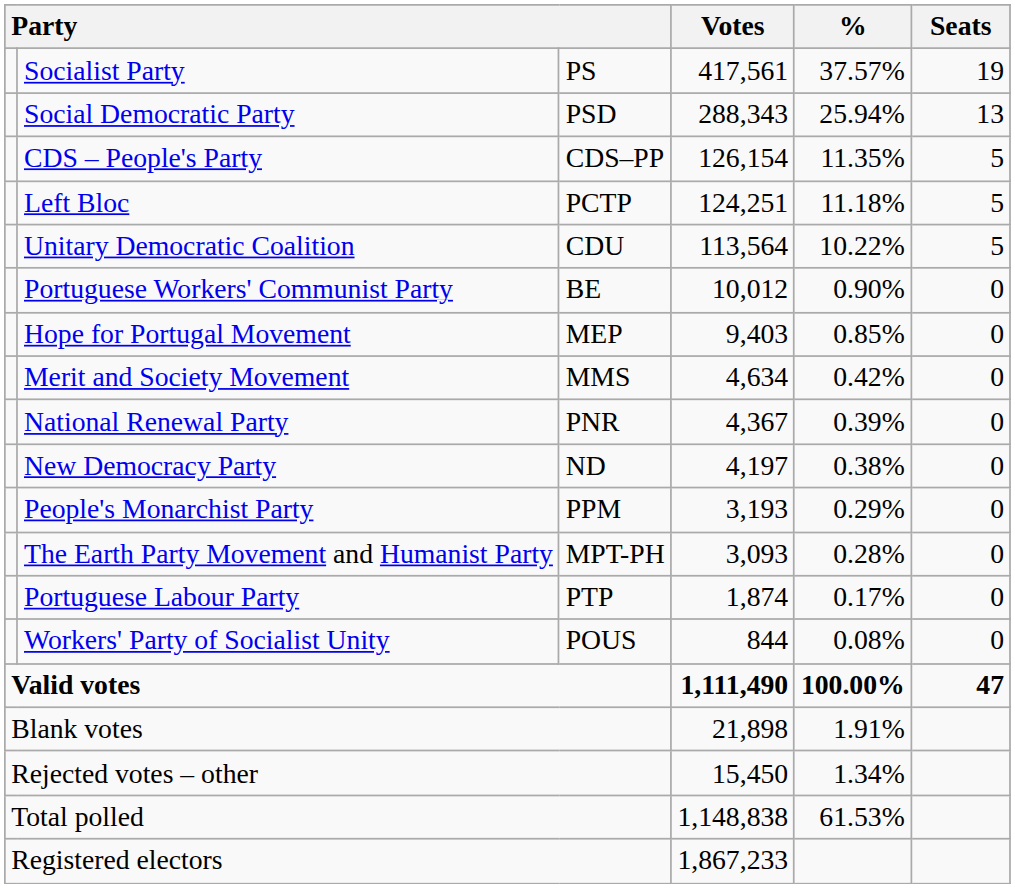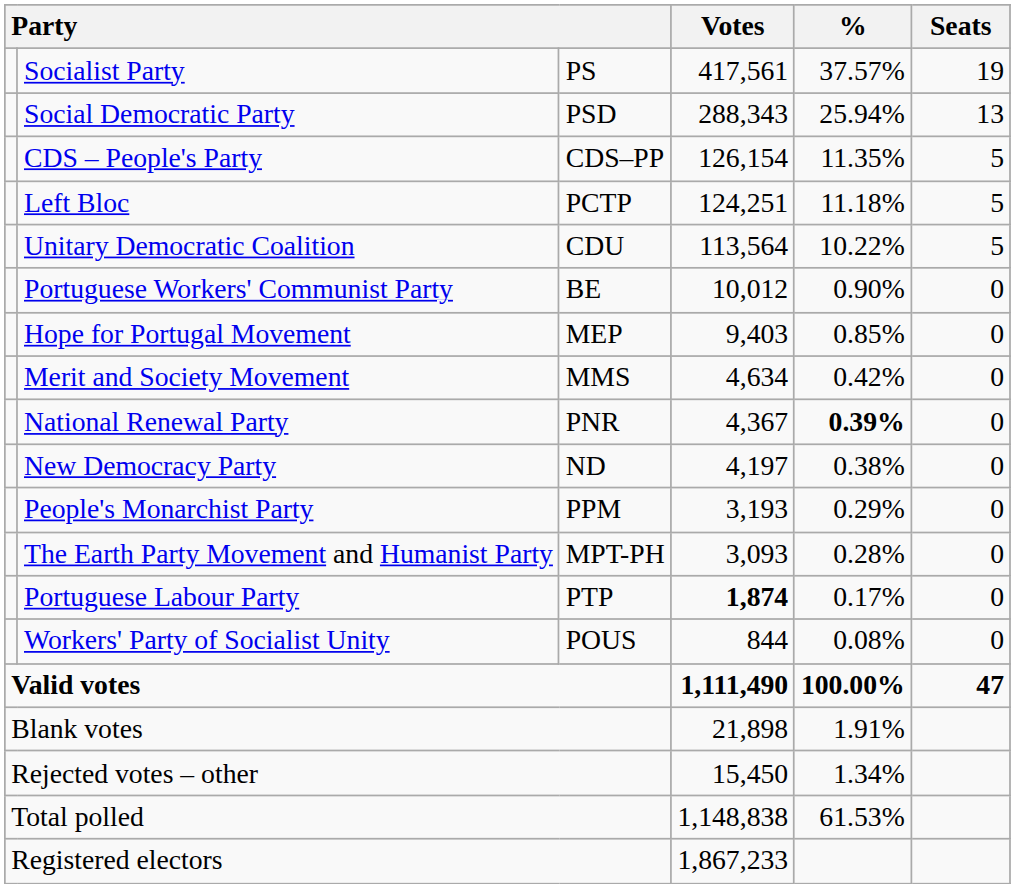 <table class="wikitable" border="1" style="text-align:right;">
 <tr>
 <th style="text-align:left;" colspan=3>Party</th>
 <th align=center width="50">Votes</th>
 <th align=center width="50">%</th>
 <th align=center width="50">Seats</th>
 </tr>
 <tr>
 <td></td>
 <td align=left><a href='#'>Socialist Party</a></td>
 <td align=left>PS</td>
 <td>417,561</td>
 <td>37.57%</td>
 <td>19</td>
 </tr>
 <tr>
 <td></td>
 <td align=left><a href='#'>Social Democratic Party</a></td>
 <td align=left>PSD</td>
 <td>288,343</td>
 <td>25.94%</td>
 <td>13</td>
 </tr>
 <tr>
 <td></td>
 <td align=left><a href='#'>CDS – People's Party</a></td>
 <td align=left style="white-space: nowrap;">CDS–PP</td>
 <td>126,154</td>
 <td>11.35%</td>
 <td>5</td>
 </tr>
 <tr>
 <td></td>
 <td align=left><a href='#'>Left Bloc</a></td>
 <td align=left>PCTP</td>
 <td>124,251</td>
 <td>11.18%</td>
 <td>5</td>
 </tr>
 <tr>
 <td></td>
 <td align=left style="white-space: nowrap;"><a href='#'>Unitary Democratic Coalition</a></td>
 <td align=left>CDU</td>
 <td>113,564</td>
 <td>10.22%</td>
 <td>5</td>
 </tr>
 <tr>
 <td></td>
 <td align=left><a href='#'>Portuguese Workers' Communist Party</a></td>
 <td align=left>BE</td>
 <td>10,012</td>
 <td>0.90%</td>
 <td>0</td>
 </tr>
 <tr>
 <td></td>
 <td align=left><a href='#'>Hope for Portugal Movement</a></td>
 <td align=left>MEP</td>
 <td>9,403</td>
 <td>0.85%</td>
 <td>0</td>
 </tr>
 <tr>
 <td></td>
 <td align=left><a href='#'>Merit and Society Movement</a></td>
 <td align=left>MMS</td>
 <td>4,634</td>
 <td>0.42%</td>
 <td>0</td>
 </tr>
 <tr>
 <td></td>
 <td align=left><a href='#'>National Renewal Party</a></td>
 <td align=left>PNR</td>
 <td>4,367</td>
-<td>0.39%</td>
+<td><strong>0.39%</strong></td>
 <td>0</td>
 </tr>
 <tr>
 <td></td>
 <td align=left><a href='#'>New Democracy Party</a></td>
 <td align=left>ND</td>
 <td>4,197</td>
 <td>0.38%</td>
 <td>0</td>
 </tr>
 <tr>
 <td></td>
 <td align=left><a href='#'>People's Monarchist Party</a></td>
 <td align=left>PPM</td>
 <td>3,193</td>
 <td>0.29%</td>
 <td>0</td>
 </tr>
 <tr>
 <td></td>
 <td align=left><a href='#'>The Earth Party Movement</a> and <a href='#'>Humanist Party</a></td>
 <td align=left>MPT-PH</td>
 <td>3,093</td>
 <td>0.28%</td>
 <td>0</td>
 </tr>
 <tr>
 <td></td>
 <td align=left><a href='#'>Portuguese Labour Party</a></td>
 <td align=left>PTP</td>
-<td>1,874</td>
+<td><strong>1,874</strong></td>
 <td>0.17%</td>
 <td>0</td>
 </tr>
 <tr>
 <td></td>
 <td align=left><a href='#'>Workers' Party of Socialist Unity</a></td>
 <td align=left>POUS</td>
 <td>844</td>
 <td>0.08%</td>
 <td>0</td>
 </tr>
 <tr style="font-weight:bold">
 <td align=left colspan=3>Valid votes</td>
 <td>1,111,490</td>
 <td>100.00%</td>
 <td>47</td>
 </tr>
 <tr>
 <td align=left colspan=3>Blank votes</td>
 <td>21,898</td>
 <td>1.91%</td>
 <td></td>
 </tr>
 <tr>
 <td align=left colspan=3>Rejected votes – other</td>
 <td>15,450</td>
 <td>1.34%</td>
 <td></td>
 </tr>
 <tr>
 <td align=left colspan=3>Total polled</td>
 <td>1,148,838</td>
 <td>61.53%</td>
 <td></td>
 </tr>
 <tr>
 <td align=left colspan=3>Registered electors</td>
 <td>1,867,233</td>
 <td></td>
 <td></td>
 </tr>
 </table>
